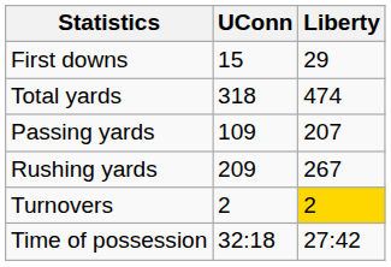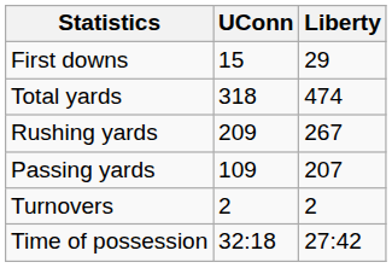 <table class="wikitable">
 <tr>
 <th>Statistics</th>
 <th>UConn</th>
 <th>Liberty</th>
 </tr>
 <tr>
 <td>First downs</td>
 <td>15</td>
 <td>29</td>
 </tr>
 <tr>
 <td>Total yards</td>
 <td>318</td>
 <td>474</td>
 </tr>
 <tr>
+<td>Rushing yards</td>
+<td>209</td>
+<td>267</td>
+</tr>
+<tr>
 <td>Passing yards</td>
 <td>109</td>
 <td>207</td>
 </tr>
 <tr>
-<td>Rushing yards</td>
-<td>209</td>
-<td>267</td>
-</tr>
-<tr>
 <td>Turnovers</td>
 <td>2</td>
-<td style="background: gold;">2</td>
+<td>2</td>
 </tr>
 <tr>
 <td>Time of possession</td>
 <td>32:18</td>
 <td>27:42</td>
 </tr>
 </table>
